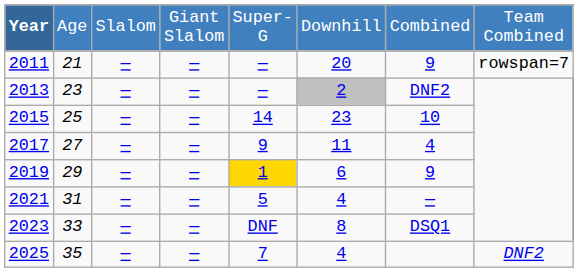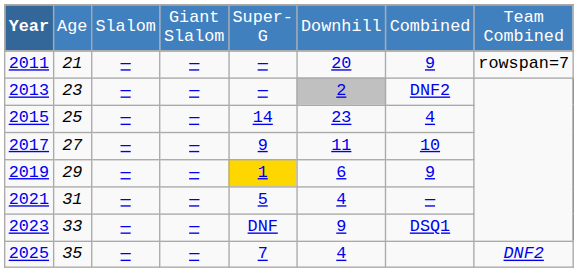 <table class="wikitable" style="font-size:95%; text-align:center; border:grey solid 1px; border-collapse:collapse;" width="40%">
 <tr style="background-color:#369; color:white;">
 <td rowspan="2" colspan="1" width="4%"><strong>Year</strong></td>
 </tr>
 <tr style="background-color:#4180be; color:white;">
 <td width="3%">Age</td>
 <td width="5%">Slalom</td>
 <td width="5%">Giant<br>Slalom</td>
 <td width="5%">Super-G</td>
 <td width="5%">Downhill</td>
 <td width="5%">Combined</td>
 <td width="5%">Team<br>Combined</td>
 </tr>
 <tr style="background-color:#8CB2D8; color:white;">
 </tr>
 <tr>
 <td><a href='#'>2011</a></td>
 <td><em>21</em></td>
 <td><a href='#'>—</a></td>
 <td><a href='#'>—</a></td>
 <td><a href='#'>—</a></td>
 <td><a href='#'>20</a></td>
 <td><a href='#'>9</a></td>
 <td>rowspan=7</td>
 </tr>
 <tr>
 <td><a href='#'>2013</a></td>
 <td><em>23</em></td>
 <td><a href='#'>—</a></td>
 <td><a href='#'>—</a></td>
 <td><a href='#'>—</a></td>
 <td style="background:silver;"><a href='#'>2</a></td>
 <td><a href='#'>DNF2</a></td>
 </tr>
 <tr>
 <td><a href='#'>2015</a></td>
 <td><em>25</em></td>
 <td><a href='#'>—</a></td>
 <td><a href='#'>—</a></td>
 <td><a href='#'>14</a></td>
 <td><a href='#'>23</a></td>
-<td><a href='#'>10</a></td>
+<td><a href='#'>4</a></td>
 </tr>
 <tr>
 <td><a href='#'>2017</a></td>
 <td><em>27</em></td>
 <td><a href='#'>—</a></td>
 <td><a href='#'>—</a></td>
 <td><a href='#'>9</a></td>
 <td><a href='#'>11</a></td>
-<td><a href='#'>4</a></td>
+<td><a href='#'>10</a></td>
 </tr>
 <tr>
 <td><a href='#'>2019</a></td>
 <td><em>29</em></td>
 <td><a href='#'>—</a></td>
 <td><a href='#'>—</a></td>
 <td style="background:gold;"><a href='#'>1</a></td>
 <td><a href='#'>6</a></td>
 <td><a href='#'>9</a></td>
 </tr>
 <tr>
 <td><a href='#'>2021</a></td>
 <td><em>31</em></td>
 <td><a href='#'>—</a></td>
 <td><a href='#'>—</a></td>
 <td><a href='#'>5</a></td>
 <td><a href='#'>4</a></td>
 <td><a href='#'>—</a></td>
 </tr>
 <tr>
 <td><a href='#'>2023</a></td>
 <td><em>33</em></td>
 <td><a href='#'>—</a></td>
 <td><a href='#'>—</a></td>
 <td><a href='#'>DNF</a></td>
-<td><a href='#'>8</a></td>
+<td><a href='#'>9</a></td>
 <td><a href='#'>DSQ1</a></td>
 </tr>
 <tr>
 <td><a href='#'>2025</a></td>
 <td><em>35</em></td>
 <td><a href='#'>—</a></td>
 <td><a href='#'>—</a></td>
 <td><a href='#'>7</a></td>
 <td><a href='#'>4</a></td>
 <td></td>
 <td><a href='#'><em>DNF2</em></a></td>
 </tr>
 </table>
